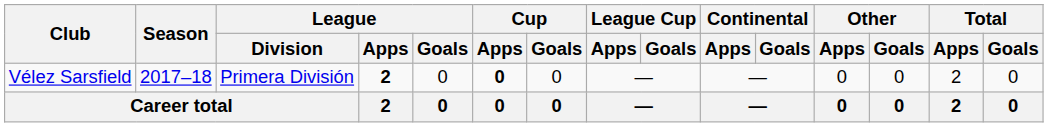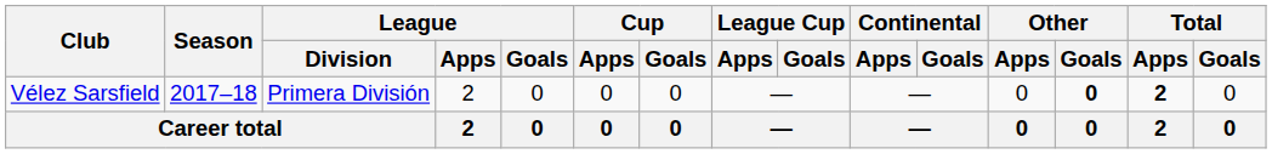 <table class="wikitable" style="text-align:center">
 <tr>
 <th rowspan="2">Club</th>
 <th rowspan="2">Season</th>
 <th colspan="3">League</th>
 <th colspan="2">Cup</th>
 <th colspan="2">League Cup</th>
 <th colspan="2">Continental</th>
 <th colspan="2">Other</th>
 <th colspan="2">Total</th>
 </tr>
 <tr>
 <th>Division</th>
 <th>Apps</th>
 <th>Goals</th>
 <th>Apps</th>
 <th>Goals</th>
 <th>Apps</th>
 <th>Goals</th>
 <th>Apps</th>
 <th>Goals</th>
 <th>Apps</th>
 <th>Goals</th>
 <th>Apps</th>
 <th>Goals</th>
 </tr>
 <tr>
 <td rowspan="1"><a href='#'>Vélez Sarsfield</a></td>
 <td><a href='#'>2017–18</a></td>
 <td rowspan="1"><a href='#'>Primera División</a></td>
-<td><strong>2</strong></td>
+<td>2</td>
 <td>0</td>
-<td><strong>0</strong></td>
+<td>0</td>
 <td>0</td>
 <td colspan="2">—</td>
 <td colspan="2">—</td>
 <td>0</td>
-<td>0</td>
-<td>2</td>
+<td><strong>0</strong></td>
+<td><strong>2</strong></td>
 <td>0</td>
 </tr>
 <tr>
 <th colspan="3">Career total</th>
 <th>2</th>
 <th>0</th>
 <th>0</th>
 <th>0</th>
 <th colspan="2">—</th>
 <th colspan="2">—</th>
 <th>0</th>
 <th>0</th>
 <th>2</th>
 <th>0</th>
 </tr>
 </table>
